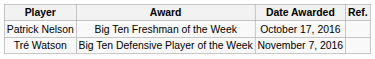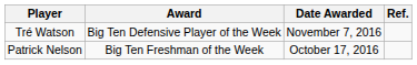 <table class="wikitable sortable sortable" style="text-align: center">
 <tr align=center>
 <th>Player</th>
 <th>Award</th>
 <th>Date Awarded</th>
 <th>Ref.</th>
 </tr>
 <tr>
+<td>Tré Watson</td>
+<td rowspan="1">Big Ten Defensive Player of the Week</td>
+<td rowspan="1">November 7, 2016</td>
+<td rowspan="1"></td>
+</tr>
+<tr>
 <td>Patrick Nelson</td>
 <td>Big Ten Freshman of the Week</td>
 <td>October 17, 2016</td>
 <td></td>
 </tr>
-<tr>
-<td>Tré Watson</td>
-<td rowspan="1">Big Ten Defensive Player of the Week</td>
-<td rowspan="1">November 7, 2016</td>
-<td rowspan="1"></td>
-</tr>
 </table>
